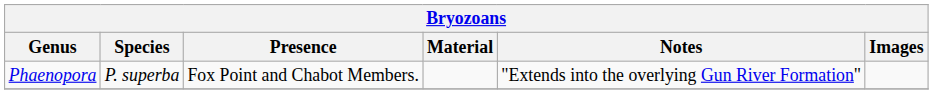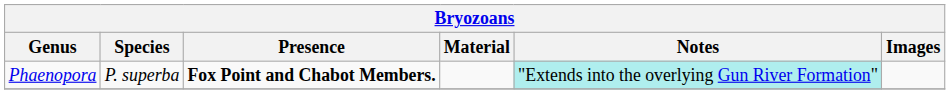 <table class="wikitable" align="center">
 <tr>
 <th colspan="6" align="center"><strong><a href='#'>Bryozoans</a></strong></th>
 </tr>
 <tr>
 <th>Genus</th>
 <th>Species</th>
 <th>Presence</th>
 <th><strong>Material</strong></th>
 <th>Notes</th>
 <th>Images</th>
 </tr>
 <tr>
 <td><em><a href='#'>Phaenopora</a></em></td>
 <td><em>P. superba</em></td>
-<td>Fox Point and Chabot Members.</td>
+<td><strong>Fox Point and Chabot Members.</strong></td>
 <td></td>
-<td>"Extends into the overlying <a href='#'>Gun River Formation</a>"</td>
+<td style="background: paleturquoise;">"Extends into the overlying <a href='#'>Gun River Formation</a>"</td>
 <td></td>
 </tr>
 <tr>
 </tr>
 </table>
